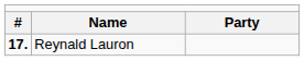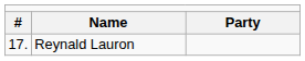 <table class=wikitable style="font-size:90%">
 <tr>
 <td colspan=4 bgcolor=></td>
 </tr>
 <tr>
 <th>#</th>
 <th width=150px>Name</th>
 <th colspan=2 width=110px>Party</th>
 </tr>
 <tr>
-<td><strong>17.</strong></td>
+<td>17.</td>
 <td>Reynald Lauron</td>
 <td></td>
 </tr>
 </table>
